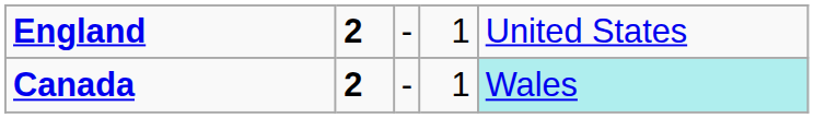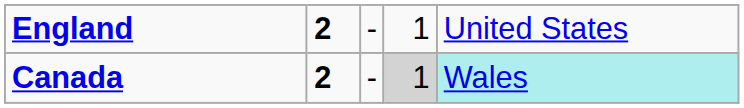 <table class="wikitable">
 <tr>
 <td width=150> <strong><a href='#'>England</a></strong></td>
 <td style="width:20px; text-align:left;"><strong>2</strong></td>
 <td>-</td>
 <td style="width:20px; text-align:right;">1</td>
 <td width=150> <a href='#'>United States</a></td>
 </tr>
 <tr>
 <td> <strong><a href='#'>Canada</a></strong></td>
 <td style="text-align:left;"><strong>2</strong></td>
 <td>-</td>
-<td style="text-align:right;">1</td>
+<td style="background: lightgrey; text-align:right;">1</td>
 <td style="background: paleturquoise;"> <a href='#'>Wales</a></td>
 </tr>
 </table>
